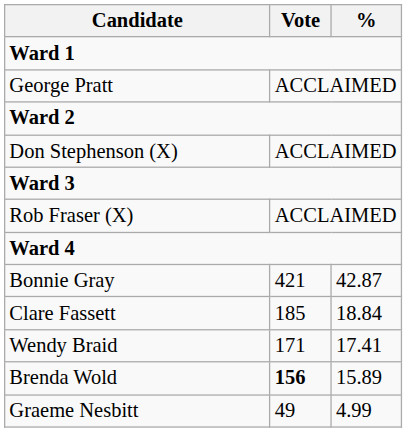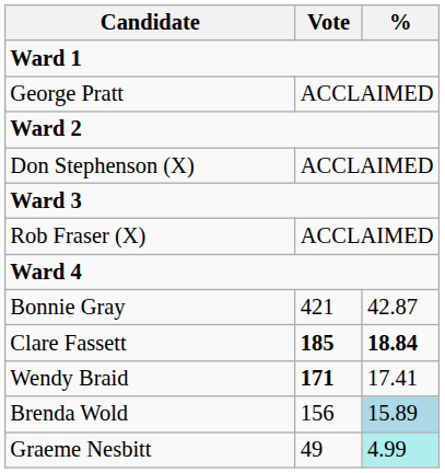 <table class="wikitable">
 <tr>
 <th bgcolor="#DDDDFF" width="200px">Candidate</th>
 <th bgcolor="#DDDDFF">Vote</th>
 <th bgcolor="#DDDDFF">%</th>
 </tr>
 <tr>
 <td colspan="4"><strong>Ward 1</strong></td>
 </tr>
 <tr>
 <td>George Pratt</td>
 <td colspan="2" align="center">ACCLAIMED</td>
 </tr>
 <tr>
 <td colspan="4"><strong>Ward 2</strong></td>
 </tr>
 <tr>
 <td>Don Stephenson (X)</td>
 <td colspan="2" align="center">ACCLAIMED</td>
 </tr>
 <tr>
 <td colspan="4"><strong>Ward 3</strong></td>
 </tr>
 <tr>
 <td>Rob Fraser (X)</td>
 <td colspan="2" align="center">ACCLAIMED</td>
 </tr>
 <tr>
 <td colspan="4"><strong>Ward 4</strong></td>
 </tr>
 <tr>
 <td>Bonnie Gray</td>
 <td>421</td>
 <td>42.87</td>
 </tr>
 <tr>
 <td>Clare Fassett</td>
-<td>185</td>
-<td>18.84</td>
+<td><strong>185</strong></td>
+<td><strong>18.84</strong></td>
 </tr>
 <tr>
 <td>Wendy Braid</td>
-<td>171</td>
+<td><strong>171</strong></td>
 <td>17.41</td>
 </tr>
 <tr>
 <td>Brenda Wold</td>
-<td><strong>156</strong></td>
-<td>15.89</td>
+<td>156</td>
+<td style="background: lightblue;">15.89</td>
 </tr>
 <tr>
 <td>Graeme Nesbitt</td>
 <td>49</td>
-<td>4.99</td>
+<td style="background: paleturquoise;">4.99</td>
 </tr>
 </table>
